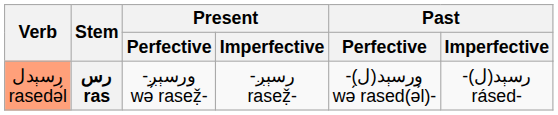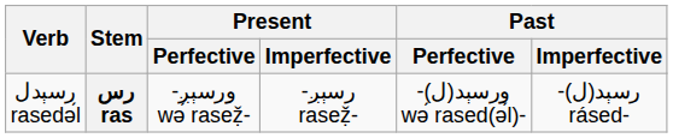 <table class="wikitable" style="text-align: center">
 <tr>
 <th rowspan="3">Verb</th>
 <th rowspan="3">Stem</th>
 <th colspan="2">Present</th>
 <th colspan="2">Past</th>
 </tr>
 <tr>
 <th>Perfective</th>
 <th>Imperfective</th>
 <th>Perfective</th>
 <th>Imperfective</th>
 </tr>
 <tr>
 <td rowspan="2">-ورسېږ<br> wә́  raseẓ̌-</td>
 <td rowspan="2">-رسېږ<br> raseẓ̌-</td>
 <td rowspan="2">-(ورسېد(ل<br>wә́ rased(ә́l)-</td>
 <td rowspan="2">-(رسېد(ل<br>rásed-</td>
 </tr>
 <tr>
-<td style="background: lightsalmon;">رسېدل<br> rasedә́l</td>
+<td>رسېدل<br> rasedә́l</td>
 <th>رس<br>ras</th>
 </tr>
 </table>
